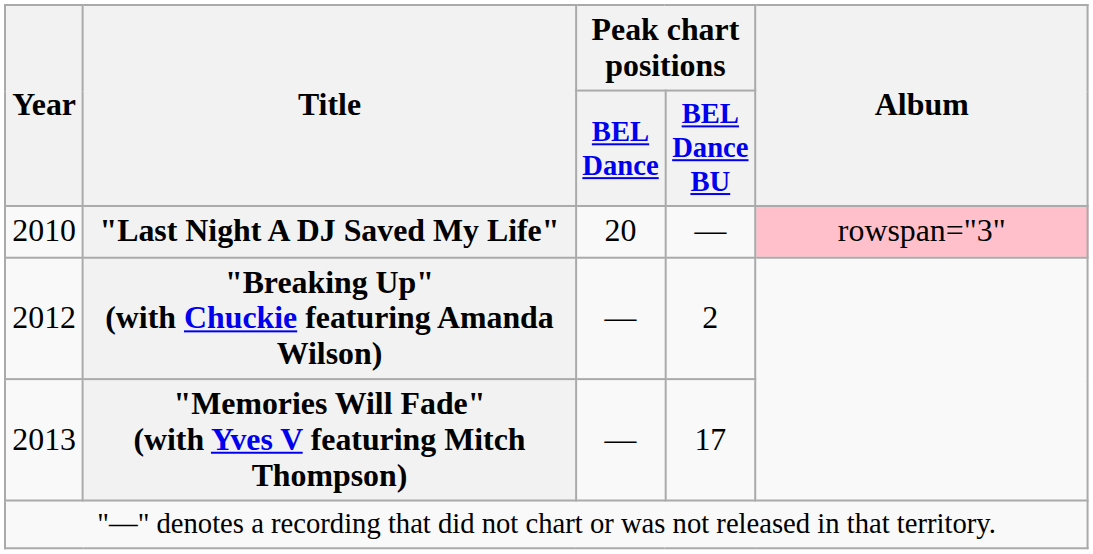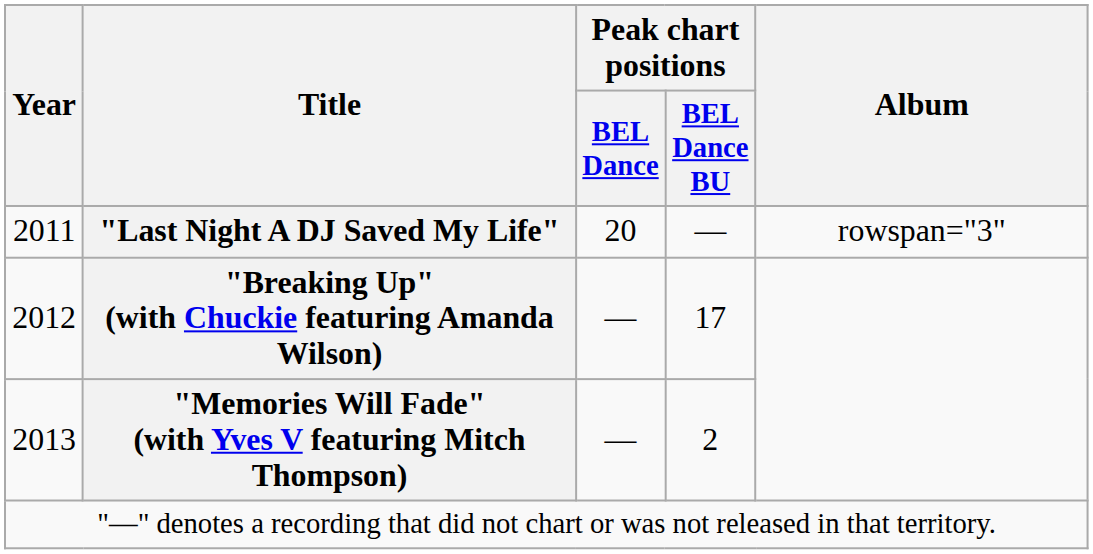 <table class="wikitable plainrowheaders" style="text-align:center;">
 <tr>
 <th scope="col" rowspan="2" style="width:1em;">Year</th>
 <th scope="col" rowspan="2" style="width:15em;">Title</th>
 <th scope="col" colspan="2">Peak chart positions</th>
 <th scope="col" rowspan="2" style="width:10em;">Album</th>
 </tr>
 <tr>
 <th scope="col" style="width:2.5em;font-size:90%;"><a href='#'>BEL<br>Dance</a></th>
 <th scope="col" style="width:2.5em;font-size:90%;"><a href='#'>BEL<br>Dance BU</a></th>
 </tr>
 <tr>
-<td rowspan="1">2010</td>
+<td rowspan="1">2011</td>
 <th scope="row">"Last Night A DJ Saved My Life"</th>
 <td>20</td>
 <td>—</td>
-<td style="background: pink;">rowspan="3" </td>
+<td>rowspan="3" </td>
 </tr>
 <tr>
 <td rowspan="1">2012</td>
 <th scope="row">"Breaking Up" <br><span>(with <a href='#'>Chuckie</a> featuring Amanda Wilson)</span></th>
 <td>—</td>
-<td>2</td>
+<td>17</td>
 </tr>
 <tr>
 <td rowspan="1">2013</td>
 <th scope="row">"Memories Will Fade" <br><span>(with <a href='#'>Yves V</a> featuring Mitch Thompson)</span></th>
 <td>—</td>
-<td>17</td>
+<td>2</td>
 </tr>
 <tr>
 <td colspan="5" style="font-size:90%">"—" denotes a recording that did not chart or was not released in that territory.</td>
 </tr>
 </table>
